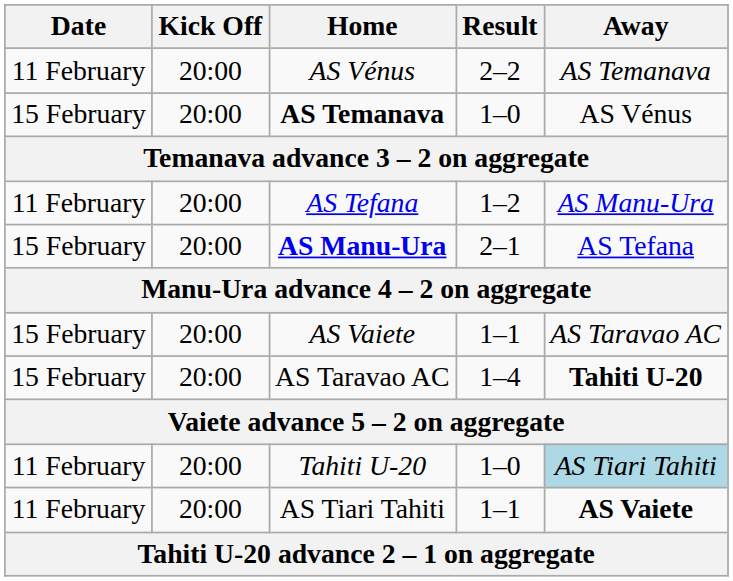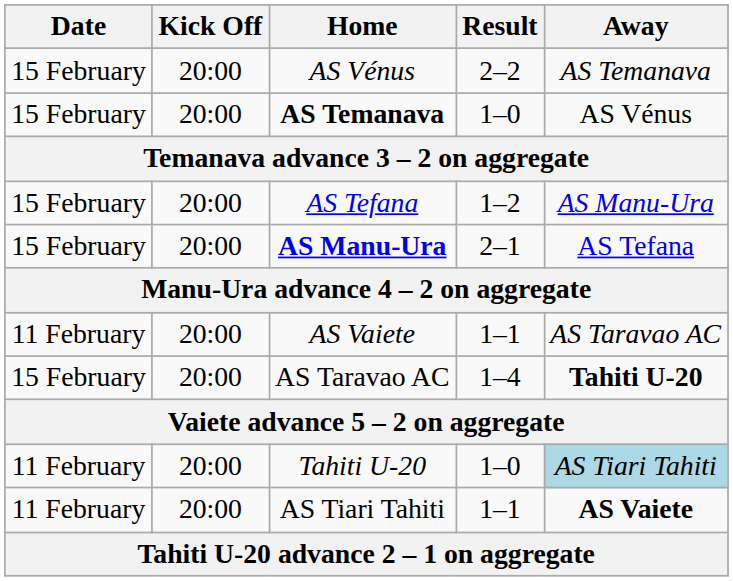 <table class="wikitable" style="text-align:center;">
 <tr>
 <th scope="col">Date</th>
 <th scope="col">Kick Off</th>
 <th scope="col">Home</th>
 <th scope="col">Result</th>
 <th scope="col">Away</th>
 </tr>
 <tr>
-<td>11 February</td>
+<td>15 February</td>
 <td>20:00</td>
 <td><em>AS Vénus</em></td>
 <td>2–2</td>
 <td><em>AS Temanava</em></td>
 </tr>
 <tr>
 <td>15 February</td>
 <td>20:00</td>
 <td><strong>AS Temanava</strong></td>
 <td>1–0</td>
 <td>AS Vénus</td>
 </tr>
 <tr>
 <th colspan="5">Temanava advance 3 – 2 on aggregate</th>
 </tr>
 <tr>
-<td>11 February</td>
+<td>15 February</td>
 <td>20:00</td>
 <td><em><a href='#'>AS Tefana</a></em></td>
 <td>1–2</td>
 <td><em><a href='#'>AS Manu-Ura</a></em></td>
 </tr>
 <tr>
 <td>15 February</td>
 <td>20:00</td>
 <td><strong><a href='#'>AS Manu-Ura</a></strong></td>
 <td>2–1</td>
 <td><a href='#'>AS Tefana</a></td>
 </tr>
 <tr>
 <th colspan="5">Manu-Ura advance 4 – 2 on aggregate</th>
 </tr>
 <tr>
-<td>15 February</td>
+<td>11 February</td>
 <td>20:00</td>
 <td><em>AS Vaiete </em></td>
 <td>1–1</td>
 <td><em>AS Taravao AC</em></td>
 </tr>
 <tr>
 <td>15 February</td>
 <td>20:00</td>
 <td>AS Taravao AC</td>
 <td>1–4</td>
 <td><strong>Tahiti U-20</strong></td>
 </tr>
 <tr>
 <th colspan="5">Vaiete advance 5 – 2 on aggregate</th>
 </tr>
 <tr>
 <td>11 February</td>
 <td>20:00</td>
 <td><em>Tahiti U-20</em></td>
 <td>1–0</td>
 <td style="background: lightblue;"><em>AS Tiari Tahiti</em></td>
 </tr>
 <tr>
 <td>11 February</td>
 <td>20:00</td>
 <td>AS Tiari Tahiti</td>
 <td>1–1</td>
 <td><strong>AS Vaiete</strong></td>
 </tr>
 <tr>
 <th colspan="5">Tahiti U-20 advance 2 – 1 on aggregate</th>
 </tr>
 </table>
